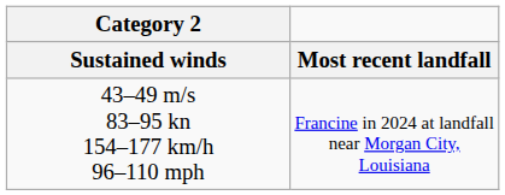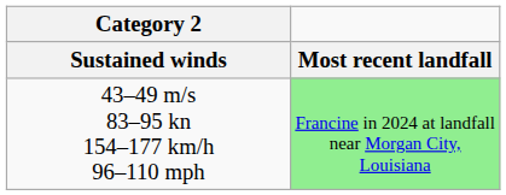 <table class="wikitable" style="text-align: center; float:right; margin-left: 1em; width:350px;">
 <tr>
 <th style="background: #">Category 2</th>
 </tr>
 <tr>
 <th>Sustained winds</th>
 <th>Most recent landfall</th>
 </tr>
 <tr>
 <td>43–49 m/s<br>83–95 kn<br>154–177 km/h<br>96–110 mph</td>
-<td style = "font-size: 80%; width:142px"><br> <a href='#'>Francine</a> in 2024 at landfall near  <a href='#'>Morgan City, Louisiana</a></td>
+<td style = "background: lightgreen; font-size: 80%; width:142px"><br> <a href='#'>Francine</a> in 2024 at landfall near  <a href='#'>Morgan City, Louisiana</a></td>
 </tr>
 </table>
